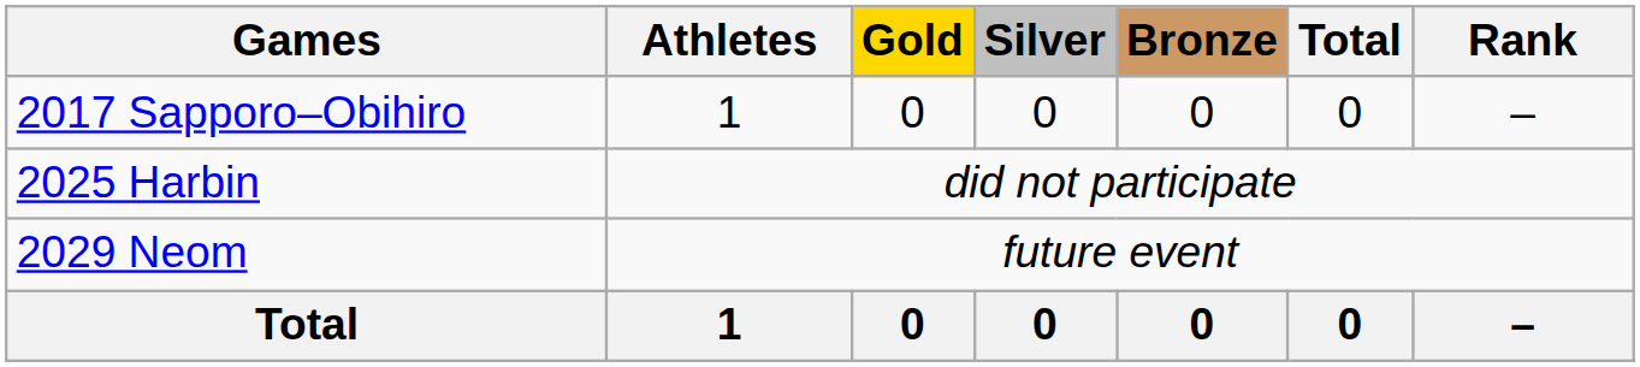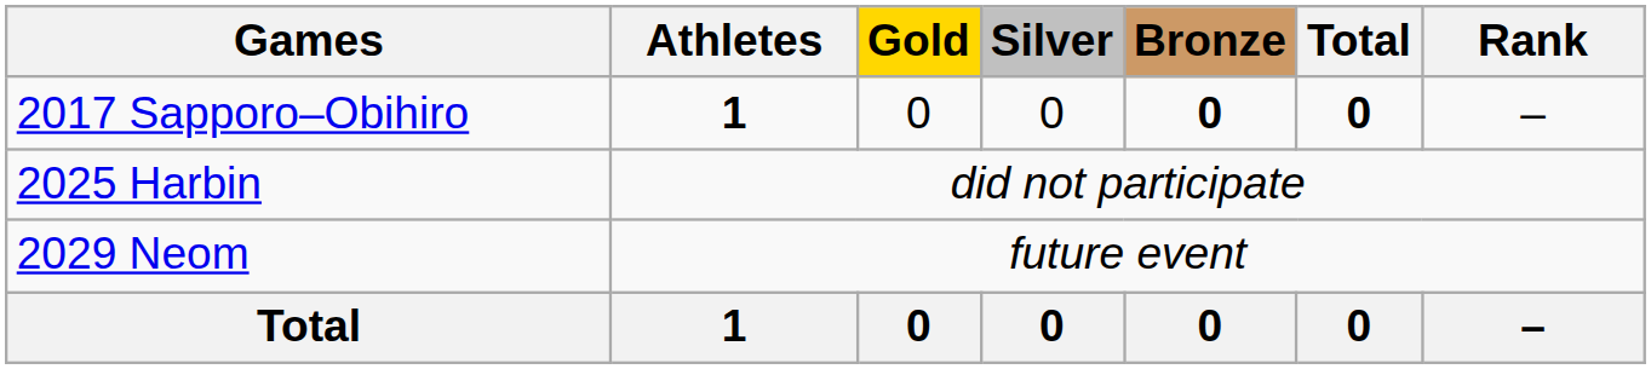 <table class="wikitable sortable plainrowheaders" border="1" style="text-align:center;">
 <tr>
 <th scope="col" style="width:13em;">Games</th>
 <th scope="col" style="width:5em;">Athletes</th>
 <th scope="col" style="background-color:gold; font-weight:bold;">Gold</th>
 <th scope="col" style="background-color:silver; font-weight:bold;">Silver</th>
 <th scope="col" style="background-color:#cc9966; font-weight:bold;">Bronze</th>
 <th scope="col">Total</th>
 <th style="width:4.5em; font-weight:bold;">Rank</th>
 </tr>
 <tr>
 <td align=left> <a href='#'>2017 Sapporo–Obihiro</a></td>
-<td>1</td>
+<td><strong>1</strong></td>
 <td>0</td>
 <td>0</td>
-<td>0</td>
-<td>0</td>
+<td><strong>0</strong></td>
+<td><strong>0</strong></td>
 <td>–</td>
 </tr>
 <tr>
 <td align=left> <a href='#'>2025 Harbin</a></td>
 <td colspan=6><em>did not participate</em></td>
 </tr>
 <tr>
 <td align=left> <a href='#'>2029 Neom</a></td>
 <td colspan=6><em>future event</em></td>
 </tr>
 <tr>
 <th>Total</th>
 <th>1</th>
 <th>0</th>
 <th>0</th>
 <th>0</th>
 <th>0</th>
 <th>–</th>
 </tr>
 </table>
